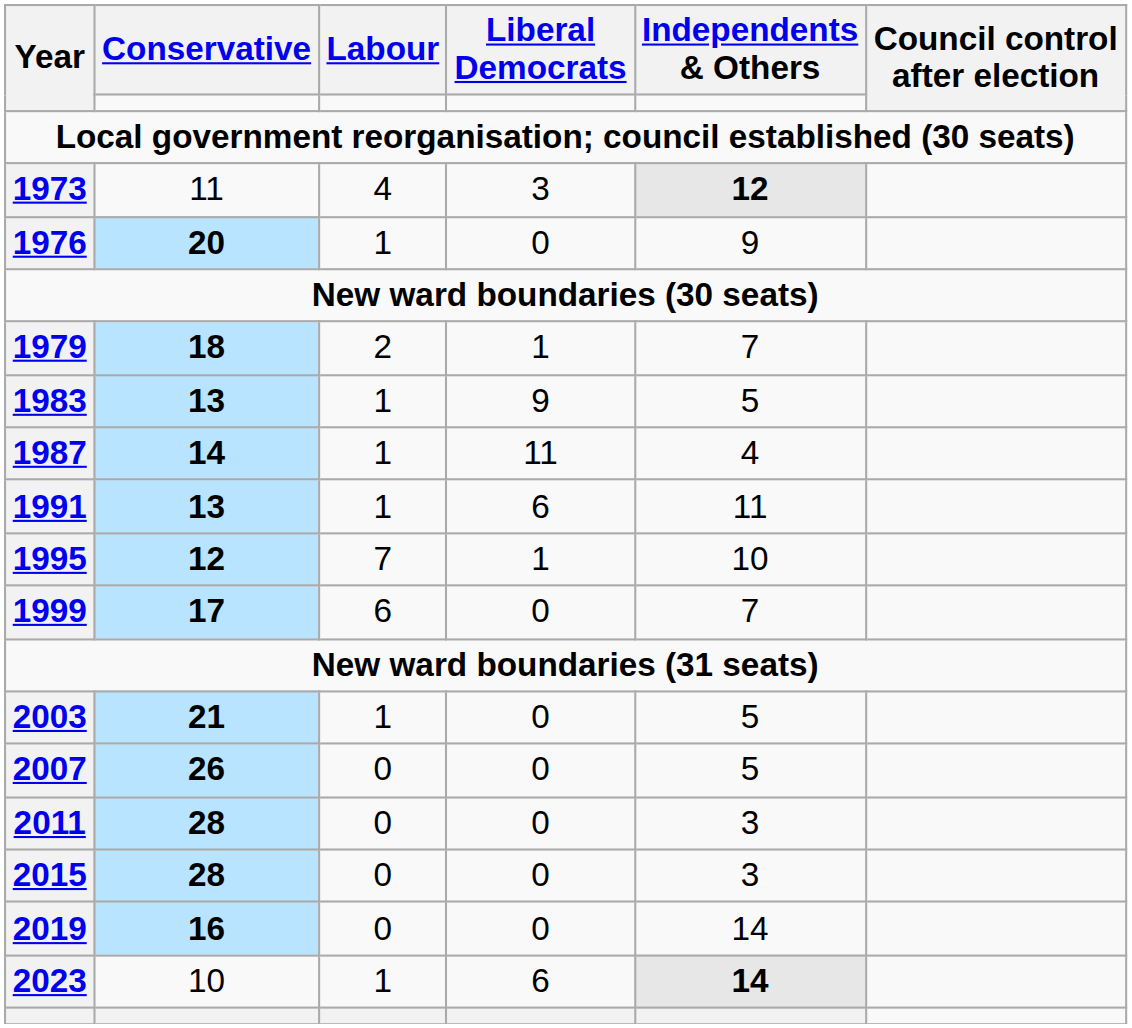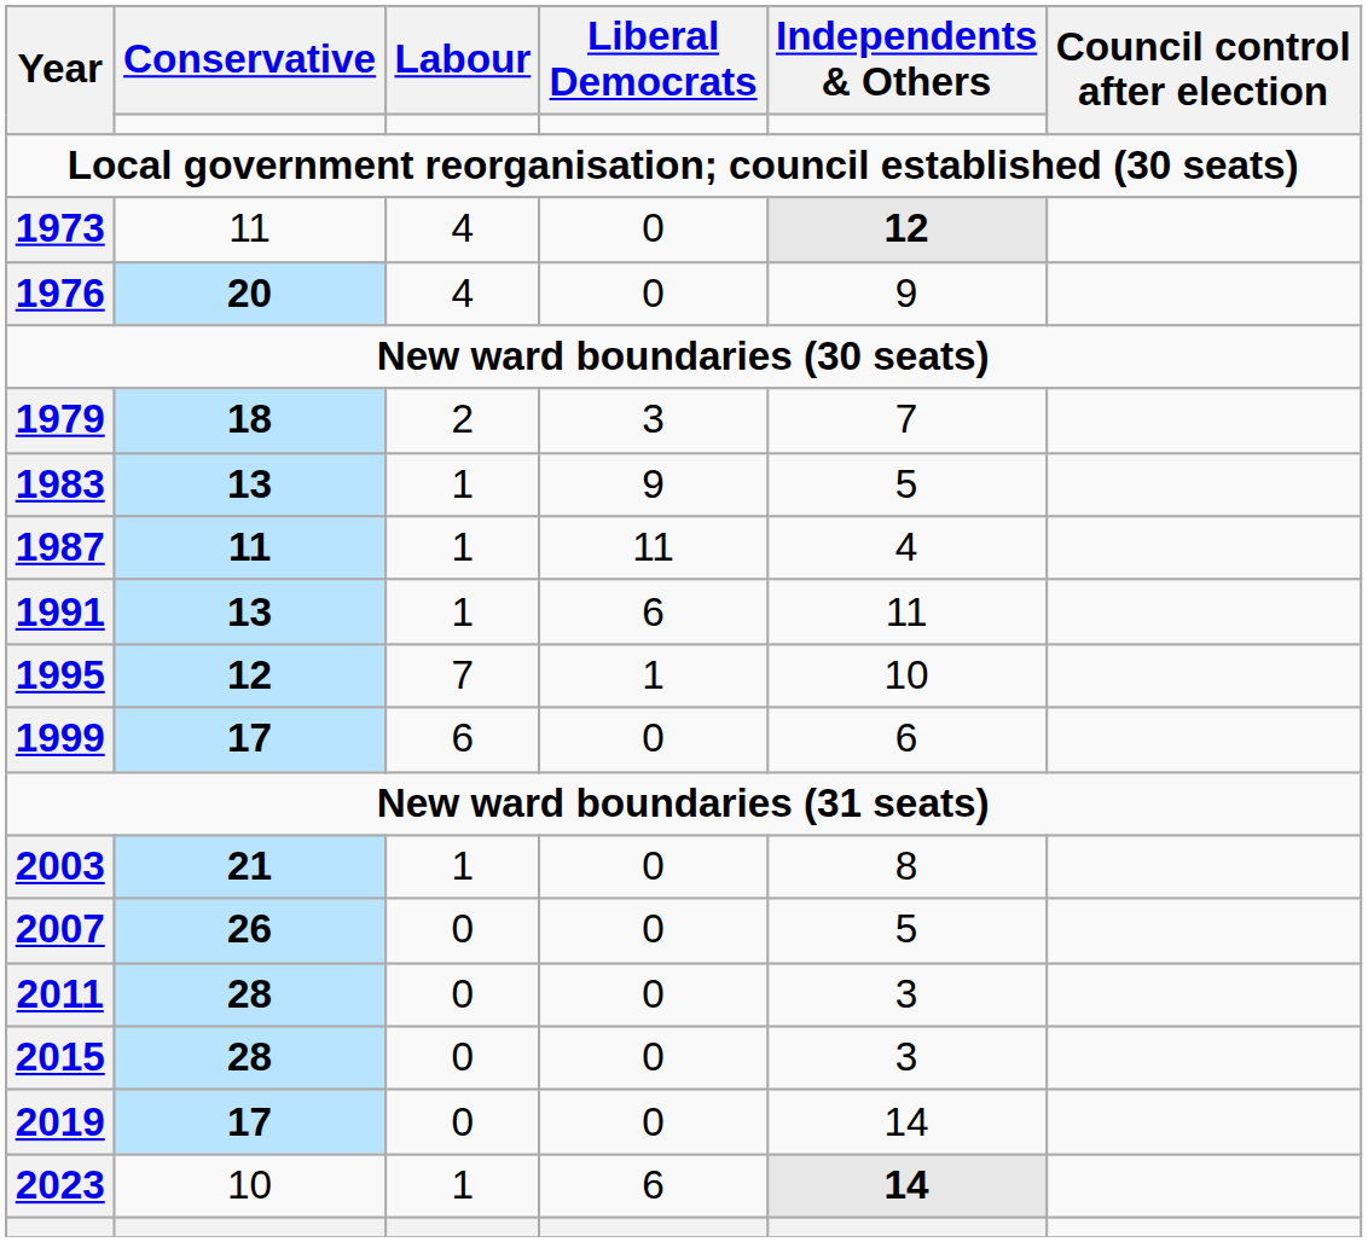 <table class="wikitable plainrowheaders" style="text-align:center">
 <tr>
 <th scope="col" rowspan="2">Year</th>
 <th scope="col"><a href='#'>Conservative</a></th>
 <th scope="col"><a href='#'>Labour</a></th>
 <th scope="col" style="width:1px"><a href='#'>Liberal Democrats</a></th>
 <th scope="col"><a href='#'>Independents</a><br>& Others</th>
 <th scope="col" rowspan="2" colspan="2">Council control<br>after election</th>
 </tr>
 <tr>
 <td style="background:"></td>
 <td style="background:"></td>
 <td style="background:"></td>
 <td style="background:"></td>
 </tr>
 <tr>
 <td colspan="9"><strong>Local government reorganisation; council established (30 seats)</strong></td>
 </tr>
 <tr>
 <th scope="row"><a href='#'>1973</a></th>
 <td>11</td>
 <td>4</td>
-<td>3</td>
+<td>0</td>
 <td style="background:#E7E7E7;"><strong>12</strong></td>
 <td></td>
 </tr>
 <tr>
 <th scope="row"><a href='#'>1976</a></th>
 <td style="background:#B9E4FF;"><strong>20</strong></td>
-<td>1</td>
+<td>4</td>
 <td>0</td>
 <td>9</td>
 <td></td>
 </tr>
 <tr>
 <td colspan="9"><strong>New ward boundaries (30 seats)</strong></td>
 </tr>
 <tr>
 <th scope="row"><a href='#'>1979</a></th>
 <td style="background:#B9E4FF;"><strong>18</strong></td>
 <td>2</td>
-<td>1</td>
+<td>3</td>
 <td>7</td>
 <td></td>
 </tr>
 <tr>
 <th scope="row"><a href='#'>1983</a></th>
 <td style="background:#B9E4FF;"><strong>13</strong></td>
 <td>1</td>
 <td>9</td>
 <td>5</td>
 <td></td>
 </tr>
 <tr>
 <th scope="row"><a href='#'>1987</a></th>
-<td style="background:#B9E4FF;"><strong>14</strong></td>
+<td style="background:#B9E4FF;"><strong>11</strong></td>
 <td>1</td>
 <td>11</td>
 <td>4</td>
 <td></td>
 </tr>
 <tr>
 <th scope="row"><a href='#'>1991</a></th>
 <td style="background:#B9E4FF;"><strong>13</strong></td>
 <td>1</td>
 <td>6</td>
 <td>11</td>
 <td></td>
 </tr>
 <tr>
 <th scope="row"><a href='#'>1995</a></th>
 <td style="background:#B9E4FF;"><strong>12</strong></td>
 <td>7</td>
 <td>1</td>
 <td>10</td>
 <td></td>
 </tr>
 <tr>
 <th scope="row"><a href='#'>1999</a></th>
 <td style="background:#B9E4FF;"><strong>17</strong></td>
 <td>6</td>
 <td>0</td>
-<td>7</td>
+<td>6</td>
 <td></td>
 </tr>
 <tr>
 <td colspan="9"><strong>New ward boundaries (31 seats)</strong></td>
 </tr>
 <tr>
 <th scope="row"><a href='#'>2003</a></th>
 <td style="background:#B9E4FF;"><strong>21</strong></td>
 <td>1</td>
 <td>0</td>
-<td>5</td>
+<td>8</td>
 <td></td>
 </tr>
 <tr>
 <th scope="row"><a href='#'>2007</a></th>
 <td style="background:#B9E4FF;"><strong>26</strong></td>
 <td>0</td>
 <td>0</td>
 <td>5</td>
 <td></td>
 </tr>
 <tr>
 <th scope="row"><a href='#'>2011</a></th>
 <td style="background:#B9E4FF;"><strong>28</strong></td>
 <td>0</td>
 <td>0</td>
 <td>3</td>
 <td></td>
 </tr>
 <tr>
 <th scope="row"><a href='#'>2015</a></th>
 <td style="background:#B9E4FF;"><strong>28</strong></td>
 <td>0</td>
 <td>0</td>
 <td>3</td>
 <td></td>
 </tr>
 <tr>
 <th scope="row"><a href='#'>2019</a></th>
-<td style="background:#B9E4FF;"><strong>16</strong></td>
+<td style="background:#B9E4FF;"><strong>17</strong></td>
 <td>0</td>
 <td>0</td>
 <td>14</td>
 <td></td>
 </tr>
 <tr>
 <th scope="row"><a href='#'>2023</a></th>
 <td>10</td>
 <td>1</td>
 <td>6</td>
 <td style="background:#E7E7E7;"><strong>14</strong></td>
 <td></td>
 </tr>
 <tr>
 <th></th>
 <th style="background-color: "></th>
 <th style="background-color: "></th>
 <th style="background-color: "></th>
 <th style="background-color: "></th>
 </tr>
 </table>
